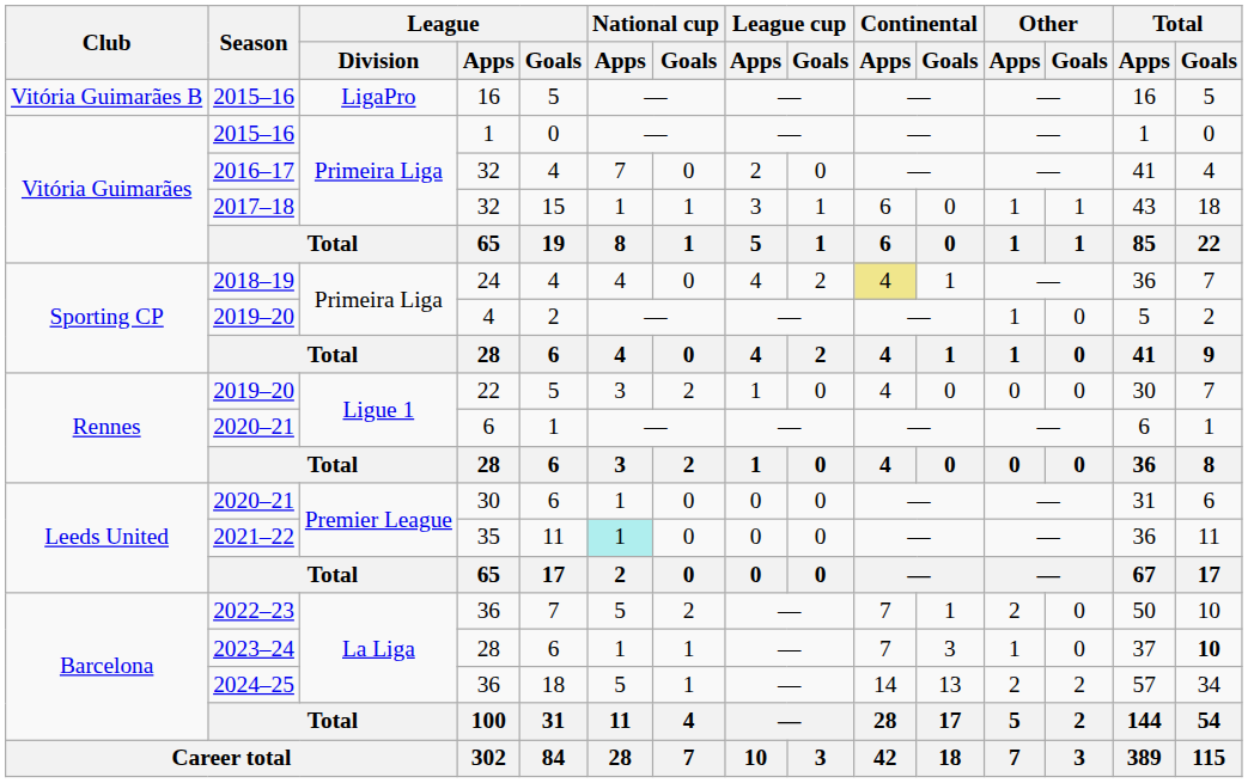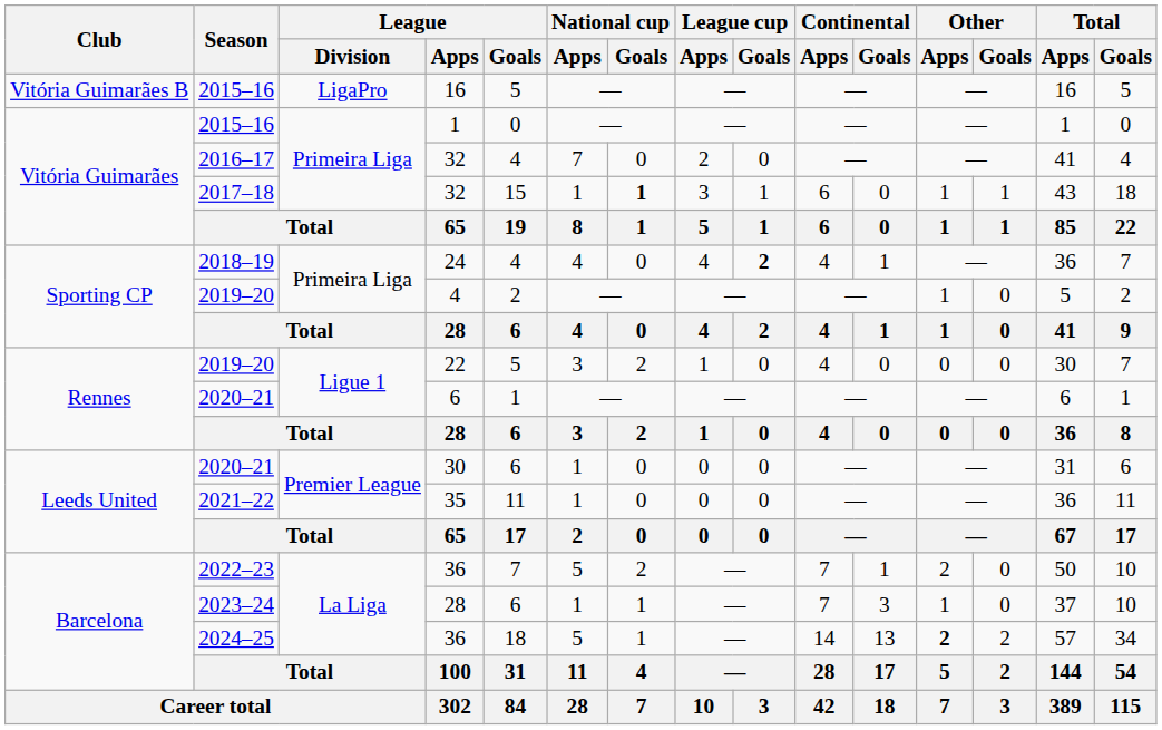 <table class="wikitable" style="text-align: center;">
 <tr>
 <th rowspan="2">Club</th>
 <th rowspan="2">Season</th>
 <th colspan="3">League</th>
 <th colspan="2">National cup</th>
 <th colspan="2">League cup</th>
 <th colspan="2">Continental</th>
 <th colspan="2">Other</th>
 <th colspan="2">Total</th>
 </tr>
 <tr>
 <th>Division</th>
 <th>Apps</th>
 <th>Goals</th>
 <th>Apps</th>
 <th>Goals</th>
 <th>Apps</th>
 <th>Goals</th>
 <th>Apps</th>
 <th>Goals</th>
 <th>Apps</th>
 <th>Goals</th>
 <th>Apps</th>
 <th>Goals</th>
 </tr>
 <tr>
 <td><a href='#'>Vitória Guimarães B</a></td>
 <td><a href='#'>2015–16</a></td>
 <td><a href='#'>LigaPro</a></td>
 <td>16</td>
 <td>5</td>
 <td colspan="2">—</td>
 <td colspan="2">—</td>
 <td colspan="2">—</td>
 <td colspan="2">—</td>
 <td>16</td>
 <td>5</td>
 </tr>
 <tr>
 <td rowspan="4"><a href='#'>Vitória Guimarães</a></td>
 <td><a href='#'>2015–16</a></td>
 <td rowspan="3"><a href='#'>Primeira Liga</a></td>
 <td>1</td>
 <td>0</td>
 <td colspan="2">—</td>
 <td colspan="2">—</td>
 <td colspan="2">—</td>
 <td colspan="2">—</td>
 <td>1</td>
 <td>0</td>
 </tr>
 <tr>
 <td><a href='#'>2016–17</a></td>
 <td>32</td>
 <td>4</td>
 <td>7</td>
 <td>0</td>
 <td>2</td>
 <td>0</td>
 <td colspan="2">—</td>
 <td colspan="2">—</td>
 <td>41</td>
 <td>4</td>
 </tr>
 <tr>
 <td><a href='#'>2017–18</a></td>
 <td>32</td>
 <td>15</td>
 <td>1</td>
-<td>1</td>
+<td><strong>1</strong></td>
 <td>3</td>
 <td>1</td>
 <td>6</td>
 <td>0</td>
 <td>1</td>
 <td>1</td>
 <td>43</td>
 <td>18</td>
 </tr>
 <tr>
 <th colspan="2">Total</th>
 <th>65</th>
 <th>19</th>
 <th>8</th>
 <th>1</th>
 <th>5</th>
 <th>1</th>
 <th>6</th>
 <th>0</th>
 <th>1</th>
 <th>1</th>
 <th>85</th>
 <th>22</th>
 </tr>
 <tr>
 <td rowspan="3"><a href='#'>Sporting CP</a></td>
 <td><a href='#'>2018–19</a></td>
 <td rowspan="2">Primeira Liga</td>
 <td>24</td>
 <td>4</td>
 <td>4</td>
 <td>0</td>
 <td>4</td>
-<td>2</td>
-<td style="background: khaki;">4</td>
+<td><strong>2</strong></td>
+<td>4</td>
 <td>1</td>
 <td colspan="2">—</td>
 <td>36</td>
 <td>7</td>
 </tr>
 <tr>
 <td><a href='#'>2019–20</a></td>
 <td>4</td>
 <td>2</td>
 <td colspan="2">—</td>
 <td colspan="2">—</td>
 <td colspan="2">—</td>
 <td>1</td>
 <td>0</td>
 <td>5</td>
 <td>2</td>
 </tr>
 <tr>
 <th colspan="2">Total</th>
 <th>28</th>
 <th>6</th>
 <th>4</th>
 <th>0</th>
 <th>4</th>
 <th>2</th>
 <th>4</th>
 <th>1</th>
 <th>1</th>
 <th>0</th>
 <th>41</th>
 <th>9</th>
 </tr>
 <tr>
 <td rowspan="3"><a href='#'>Rennes</a></td>
 <td><a href='#'>2019–20</a></td>
 <td rowspan="2"><a href='#'>Ligue 1</a></td>
 <td>22</td>
 <td>5</td>
 <td>3</td>
 <td>2</td>
 <td>1</td>
 <td>0</td>
 <td>4</td>
 <td>0</td>
 <td>0</td>
 <td>0</td>
 <td>30</td>
 <td>7</td>
 </tr>
 <tr>
 <td><a href='#'>2020–21</a></td>
 <td>6</td>
 <td>1</td>
 <td colspan="2">—</td>
 <td colspan="2">—</td>
 <td colspan="2">—</td>
 <td colspan="2">—</td>
 <td>6</td>
 <td>1</td>
 </tr>
 <tr>
 <th colspan="2">Total</th>
 <th>28</th>
 <th>6</th>
 <th>3</th>
 <th>2</th>
 <th>1</th>
 <th>0</th>
 <th>4</th>
 <th>0</th>
 <th>0</th>
 <th>0</th>
 <th>36</th>
 <th>8</th>
 </tr>
 <tr>
 <td rowspan="3"><a href='#'>Leeds United</a></td>
 <td><a href='#'>2020–21</a></td>
 <td rowspan="2"><a href='#'>Premier League</a></td>
 <td>30</td>
 <td>6</td>
 <td>1</td>
 <td>0</td>
 <td>0</td>
 <td>0</td>
 <td colspan="2">—</td>
 <td colspan="2">—</td>
 <td>31</td>
 <td>6</td>
 </tr>
 <tr>
 <td><a href='#'>2021–22</a></td>
 <td>35</td>
 <td>11</td>
-<td style="background: paleturquoise;">1</td>
+<td>1</td>
 <td>0</td>
 <td>0</td>
 <td>0</td>
 <td colspan="2">—</td>
 <td colspan="2">—</td>
 <td>36</td>
 <td>11</td>
 </tr>
 <tr>
 <th colspan="2">Total</th>
 <th>65</th>
 <th>17</th>
 <th>2</th>
 <th>0</th>
 <th>0</th>
 <th>0</th>
 <th colspan="2">—</th>
 <th colspan="2">—</th>
 <th>67</th>
 <th>17</th>
 </tr>
 <tr>
 <td rowspan="4"><a href='#'>Barcelona</a></td>
 <td><a href='#'>2022–23</a></td>
 <td rowspan="3"><a href='#'>La Liga</a></td>
 <td>36</td>
 <td>7</td>
 <td>5</td>
 <td>2</td>
 <td colspan="2">—</td>
 <td>7</td>
 <td>1</td>
 <td>2</td>
 <td>0</td>
 <td>50</td>
 <td>10</td>
 </tr>
 <tr>
 <td><a href='#'>2023–24</a></td>
 <td>28</td>
 <td>6</td>
 <td>1</td>
 <td>1</td>
 <td colspan="2">—</td>
 <td>7</td>
 <td>3</td>
 <td>1</td>
 <td>0</td>
 <td>37</td>
-<td><strong>10</strong></td>
+<td>10</td>
 </tr>
 <tr>
 <td><a href='#'>2024–25</a></td>
 <td>36</td>
 <td>18</td>
 <td>5</td>
 <td>1</td>
 <td colspan="2">—</td>
 <td>14</td>
 <td>13</td>
-<td>2</td>
+<td><strong>2</strong></td>
 <td>2</td>
 <td>57</td>
 <td>34</td>
 </tr>
 <tr>
 <th colspan="2">Total</th>
 <th>100</th>
 <th>31</th>
 <th>11</th>
 <th>4</th>
 <th colspan="2">—</th>
 <th>28</th>
 <th>17</th>
 <th>5</th>
 <th>2</th>
 <th>144</th>
 <th>54</th>
 </tr>
 <tr>
 <th colspan="3">Career total</th>
 <th>302</th>
 <th>84</th>
 <th>28</th>
 <th>7</th>
 <th>10</th>
 <th>3</th>
 <th>42</th>
 <th>18</th>
 <th>7</th>
 <th>3</th>
 <th>389</th>
 <th>115</th>
 </tr>
 </table>
